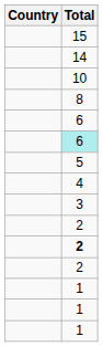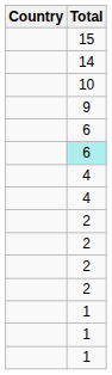 <table class="sortable wikitable">
 <tr>
 <th>Country</th>
 <th>Total</th>
 </tr>
 <tr>
 <td></td>
 <td align=center>15</td>
 </tr>
 <tr>
 <td></td>
 <td align=center>14</td>
 </tr>
 <tr>
 <td></td>
 <td align=center>10</td>
 </tr>
 <tr>
 <td></td>
-<td align=center>8</td>
+<td align=center>9</td>
 </tr>
 <tr>
 <td></td>
 <td align=center>6</td>
 </tr>
 <tr>
 <td></td>
 <td align=center style="background: paleturquoise;">6</td>
 </tr>
 <tr>
 <td></td>
-<td align=center>5</td>
+<td align=center>4</td>
 </tr>
 <tr>
 <td></td>
 <td align=center>4</td>
 </tr>
 <tr>
 <td></td>
-<td align=center>3</td>
+<td align=center>2</td>
 </tr>
 <tr>
 <td></td>
 <td align=center>2</td>
 </tr>
 <tr>
 <td></td>
-<td align=center><strong>2</strong></td>
+<td align=center>2</td>
 </tr>
 <tr>
 <td></td>
 <td align=center>2</td>
 </tr>
 <tr>
 <td></td>
 <td align=center>1</td>
 </tr>
 <tr>
 <td></td>
 <td align=center>1</td>
 </tr>
 <tr>
 <td></td>
 <td align=center>1</td>
 </tr>
 </table>
